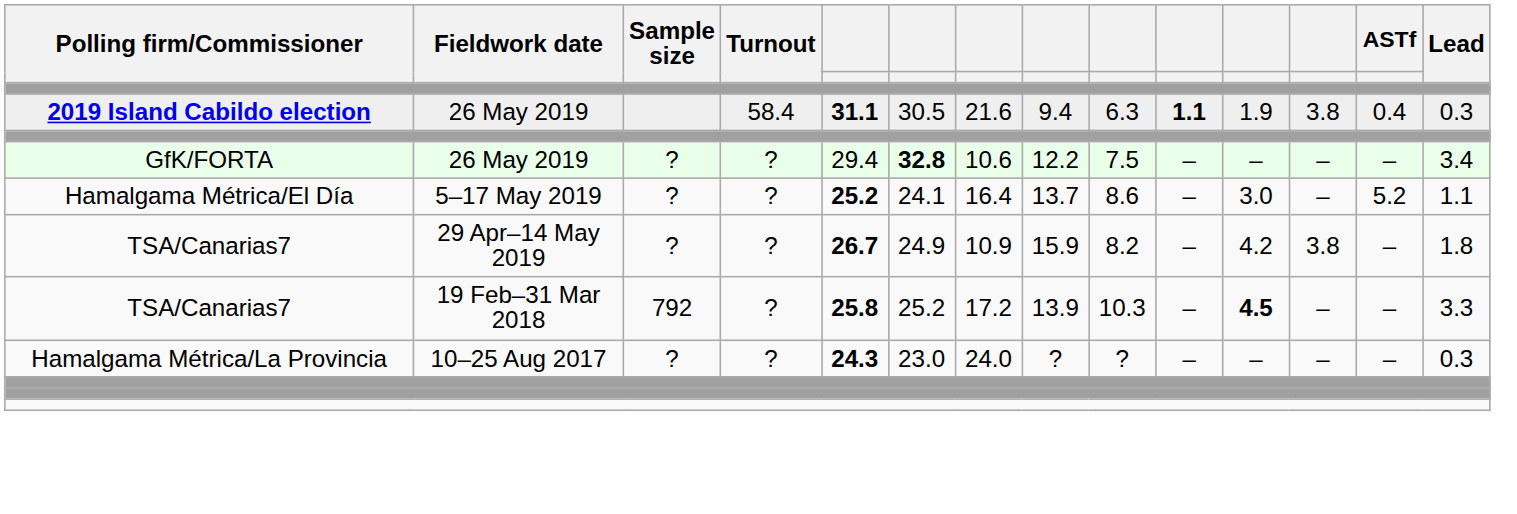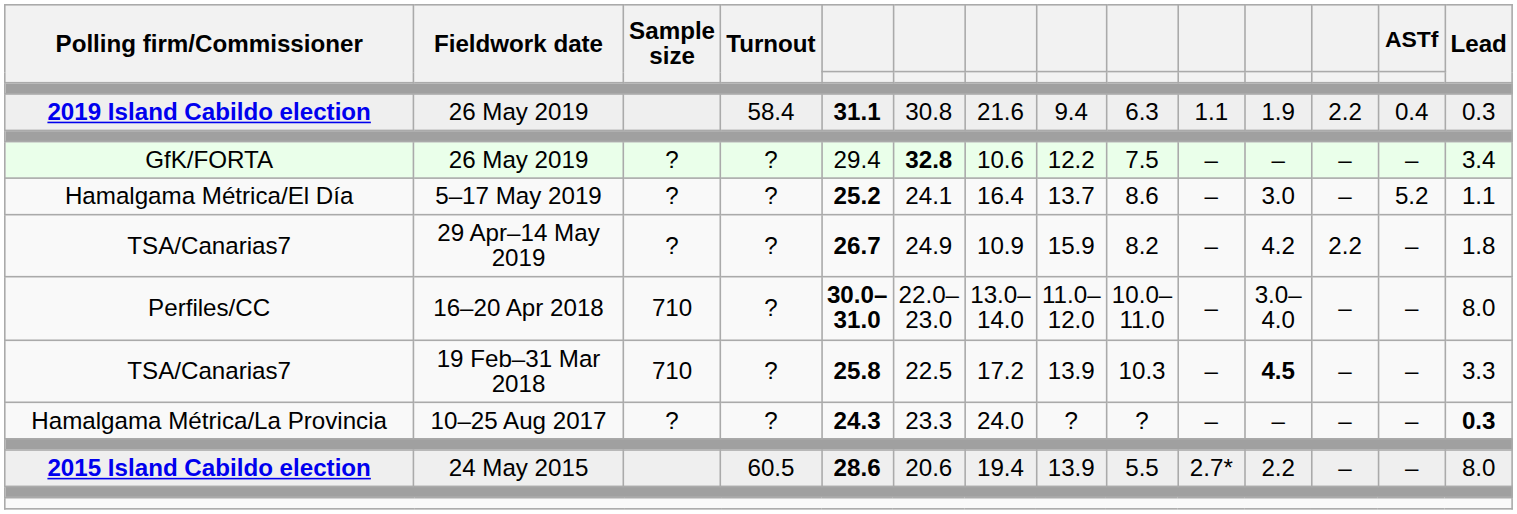 <table class="wikitable collapsible collapsed" style="text-align:center; font-size:95%; line-height:16px;">
 <tr style="height:42px;">
 <th style="width:250px;" rowspan="2">Polling firm/Commissioner</th>
 <th style="width:125px;" rowspan="2">Fieldwork date</th>
 <th style="width:50px;" rowspan="2">Sample size</th>
 <th style="width:45px;" rowspan="2">Turnout</th>
 <th style="width:35px;"></th>
 <th style="width:35px;"></th>
 <th style="width:35px;"></th>
 <th style="width:35px;"></th>
 <th style="width:35px;"></th>
 <th style="width:35px;"></th>
 <th style="width:35px;"></th>
 <th style="width:35px;"></th>
 <th style="width:35px; font-size:95%;">ASTf</th>
 <th style="width:30px;" rowspan="2">Lead</th>
 </tr>
 <tr>
 <th style="color:inherit;background:"></th>
 <th style="color:inherit;background:"></th>
 <th style="color:inherit;background:"></th>
 <th style="color:inherit;background:"></th>
 <th style="color:inherit;background:"></th>
 <th style="color:inherit;background:"></th>
 <th style="color:inherit;background:"></th>
 <th style="color:inherit;background:"></th>
 <th style="color:inherit;background:"></th>
 </tr>
 <tr>
 <td colspan="14" style="background:#A0A0A0"></td>
 </tr>
 <tr style="background:#EFEFEF;">
 <td><strong><a href='#'>2019 Island Cabildo election</a></strong></td>
 <td>26 May 2019</td>
 <td></td>
 <td>58.4</td>
 <td><strong>31.1</strong><br></td>
-<td>30.5<br></td>
+<td>30.8<br></td>
 <td>21.6<br></td>
 <td>9.4<br></td>
 <td>6.3<br></td>
-<td><strong>1.1<br></strong></td>
+<td>1.1<br></td>
 <td>1.9<br></td>
-<td>3.8<br></td>
+<td>2.2<br></td>
 <td>0.4<br></td>
 <td style="background:">0.3</td>
 </tr>
 <tr>
 <td colspan="14" style="background:#A0A0A0"></td>
 </tr>
 <tr style="background:#EAFFEA;">
 <td>GfK/FORTA</td>
 <td>26 May 2019</td>
 <td>?</td>
 <td>?</td>
 <td>29.4<br></td>
 <td><strong>32.8</strong><br></td>
 <td>10.6<br></td>
 <td>12.2<br></td>
 <td>7.5<br></td>
 <td>–</td>
 <td>–</td>
 <td>–</td>
 <td>–</td>
 <td style="background:">3.4</td>
 </tr>
 <tr>
 <td>Hamalgama Métrica/El Día</td>
 <td>5–17 May 2019</td>
 <td>?</td>
 <td>?</td>
 <td><strong>25.2</strong><br></td>
 <td>24.1<br></td>
 <td>16.4<br></td>
 <td>13.7<br></td>
 <td>8.6<br></td>
 <td>–</td>
 <td>3.0<br></td>
 <td>–</td>
 <td>5.2<br></td>
 <td style="background:">1.1</td>
 </tr>
 <tr>
 <td>TSA/Canarias7</td>
 <td>29 Apr–14 May 2019</td>
 <td>?</td>
 <td>?</td>
 <td><strong>26.7</strong><br></td>
 <td>24.9<br></td>
 <td>10.9<br></td>
 <td>15.9<br></td>
 <td>8.2<br></td>
 <td>–</td>
 <td>4.2<br></td>
-<td>3.8<br></td>
+<td>2.2<br></td>
 <td>–</td>
 <td style="background:">1.8</td>
 </tr>
 <tr>
+<td>Perfiles/CC</td>
+<td>16–20 Apr 2018</td>
+<td>710</td>
+<td>?</td>
+<td><strong>30.0–<br>31.0</strong><br></td>
+<td>22.0–<br>23.0<br></td>
+<td>13.0–<br>14.0<br></td>
+<td>11.0–<br>12.0<br></td>
+<td>10.0–<br>11.0<br></td>
+<td>–</td>
+<td>3.0–<br>4.0<br></td>
+<td>–</td>
+<td>–</td>
+<td style="background:">8.0</td>
+</tr>
+<tr>
 <td>TSA/Canarias7</td>
 <td>19 Feb–31 Mar 2018</td>
-<td>792</td>
+<td>710</td>
 <td>?</td>
 <td><strong>25.8</strong><br></td>
-<td>25.2<br></td>
+<td>22.5<br></td>
 <td>17.2<br></td>
 <td>13.9<br></td>
 <td>10.3<br></td>
 <td>–</td>
 <td><strong>4.5<br></strong></td>
 <td>–</td>
 <td>–</td>
 <td style="background:">3.3</td>
 </tr>
 <tr>
 <td>Hamalgama Métrica/La Provincia</td>
 <td>10–25 Aug 2017</td>
 <td>?</td>
 <td>?</td>
 <td><strong>24.3</strong><br></td>
-<td>23.0<br></td>
+<td>23.3<br></td>
 <td>24.0<br></td>
 <td>?<br></td>
 <td>?<br></td>
 <td>–</td>
 <td>–</td>
 <td>–</td>
 <td>–</td>
-<td style="background:">0.3</td>
+<td style="background:"><strong>0.3</strong></td>
 </tr>
 <tr>
 <td colspan="14" style="background:#A0A0A0"></td>
+</tr>
+<tr style="background:#EFEFEF;">
+<td><strong><a href='#'>2015 Island Cabildo election</a></strong></td>
+<td>24 May 2015</td>
+<td></td>
+<td>60.5</td>
+<td><strong>28.6</strong><br></td>
+<td>20.6<br></td>
+<td>19.4<br></td>
+<td>13.9<br></td>
+<td>5.5<br></td>
+<td>2.7*<br></td>
+<td>2.2<br></td>
+<td>–</td>
+<td>–</td>
+<td style="background:">8.0</td>
 </tr>
 <tr>
 <td colspan="14" style="background:#A0A0A0"></td>
 </tr>
 <tr>
 <td align="left" colspan="14"></td>
 </tr>
 </table>
